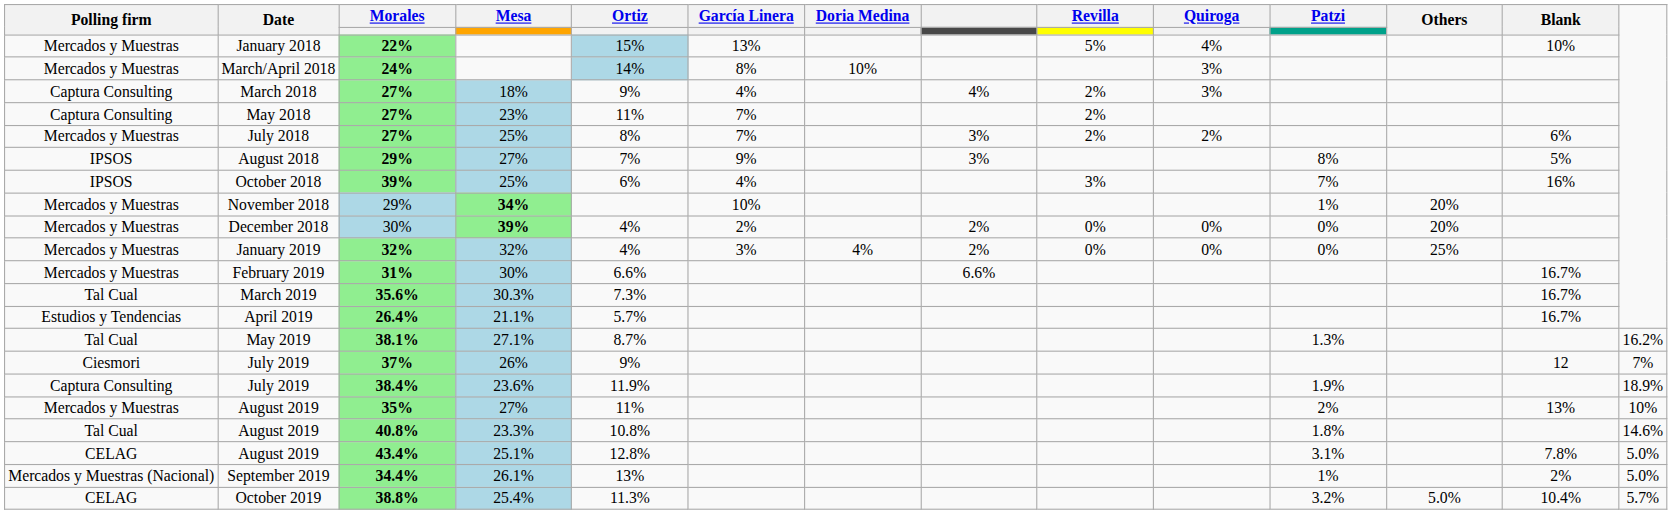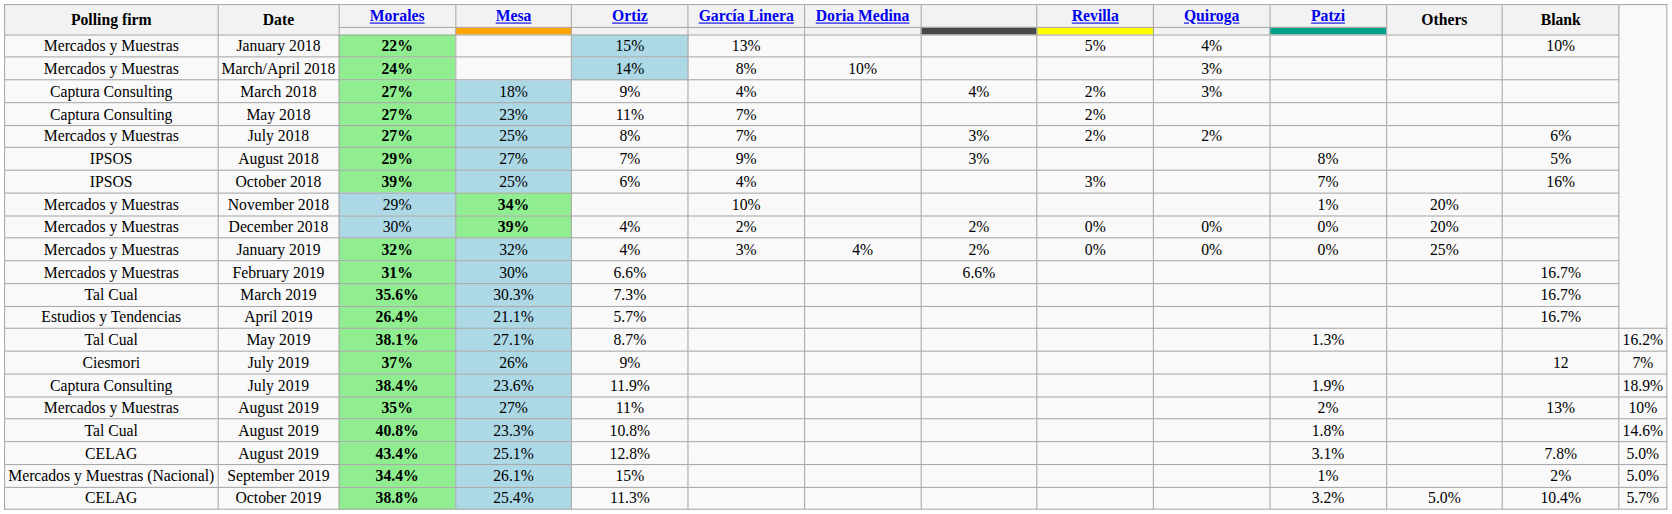 <table class="wikitable" style="text-align:center;font-size:90%;line-height:14px;">
 <tr>
 <th rowspan="2">Polling firm</th>
 <th rowspan="2">Date</th>
 <th style="width:100px"><a href='#'>Morales</a></th>
 <th style="width:100px"><a href='#'>Mesa</a></th>
 <th style="width:100px"><a href='#'>Ortiz</a></th>
 <th style="width:100px"><a href='#'>García Linera</a></th>
 <th style="width:100px"><a href='#'>Doria Medina</a></th>
 <th style="width:100px"></th>
 <th style="width:100px"><a href='#'>Revilla</a></th>
 <th style="width:100px"><a href='#'>Quiroga</a></th>
 <th style="width:100px"><a href='#'>Patzi</a></th>
 <th rowspan="2" style="width:100px">Others</th>
 <th rowspan="2" style="width:100px">Blank</th>
 </tr>
 <tr>
 <th style="background:"></th>
 <th style="background:orange;"></th>
 <th style="background:"></th>
 <th style="background:"></th>
 <th style="background:"></th>
 <th style="background:#484848"></th>
 <th style="background:Yellow"></th>
 <th style="background:"></th>
 <th style="background:#00A18A"></th>
 </tr>
 <tr>
 <td>Mercados y Muestras</td>
 <td>January 2018</td>
 <td style="background:lightgreen"><strong>22%</strong></td>
 <td></td>
 <td style="background:lightblue">15%</td>
 <td>13%</td>
 <td></td>
 <td></td>
 <td>5%</td>
 <td>4%</td>
 <td></td>
 <td></td>
 <td>10%</td>
 </tr>
 <tr>
 <td>Mercados y Muestras</td>
 <td>March/April 2018</td>
 <td style="background:lightgreen"><strong>24%</strong></td>
 <td></td>
 <td style="background:lightblue">14%</td>
 <td>8%</td>
 <td>10%</td>
 <td></td>
 <td></td>
 <td>3%</td>
 <td></td>
 <td></td>
 <td></td>
 </tr>
 <tr>
 <td>Captura Consulting</td>
 <td>March 2018</td>
 <td style="background:lightgreen"><strong>27%</strong></td>
 <td style="background:lightblue">18%</td>
 <td>9%</td>
 <td>4%</td>
 <td></td>
 <td>4%</td>
 <td>2%</td>
 <td>3%</td>
 <td></td>
 <td></td>
 <td></td>
 </tr>
 <tr>
 <td>Captura Consulting</td>
 <td>May 2018</td>
 <td style="background:lightgreen"><strong>27%</strong></td>
 <td style="background:lightblue">23%</td>
 <td>11%</td>
 <td>7%</td>
 <td></td>
 <td></td>
 <td>2%</td>
 <td></td>
 <td></td>
 <td></td>
 <td></td>
 </tr>
 <tr>
 <td>Mercados y Muestras</td>
 <td>July 2018</td>
 <td style="background:lightgreen"><strong>27%</strong></td>
 <td style="background:lightblue">25%</td>
 <td>8%</td>
 <td>7%</td>
 <td></td>
 <td>3%</td>
 <td>2%</td>
 <td>2%</td>
 <td></td>
 <td></td>
 <td>6%</td>
 </tr>
 <tr>
 <td>IPSOS</td>
 <td>August 2018</td>
 <td style="background:lightgreen"><strong>29%</strong></td>
 <td style="background:lightblue">27%</td>
 <td>7%</td>
 <td>9%</td>
 <td></td>
 <td>3%</td>
 <td></td>
 <td></td>
 <td>8%</td>
 <td></td>
 <td>5%</td>
 </tr>
 <tr>
 <td>IPSOS</td>
 <td>October 2018</td>
 <td style="background:lightgreen"><strong>39%</strong></td>
 <td style="background:lightblue">25%</td>
 <td>6%</td>
 <td>4%</td>
 <td></td>
 <td></td>
 <td>3%</td>
 <td></td>
 <td>7%</td>
 <td></td>
 <td>16%</td>
 </tr>
 <tr>
 <td>Mercados y Muestras</td>
 <td>November 2018</td>
 <td style="background:lightblue">29%</td>
 <td style="background:lightgreen"><strong>34%</strong></td>
 <td></td>
 <td>10%</td>
 <td></td>
 <td></td>
 <td></td>
 <td></td>
 <td>1%</td>
 <td>20%</td>
 <td></td>
 </tr>
 <tr>
 <td>Mercados y Muestras</td>
 <td>December 2018</td>
 <td style="background:lightblue">30%</td>
 <td style="background:lightgreen"><strong>39%</strong></td>
 <td>4%</td>
 <td>2%</td>
 <td></td>
 <td>2%</td>
 <td>0%</td>
 <td>0%</td>
 <td>0%</td>
 <td>20%</td>
 <td></td>
 </tr>
 <tr>
 <td>Mercados y Muestras</td>
 <td>January 2019</td>
 <td style="background:lightgreen"><strong>32%</strong></td>
 <td style="background:lightblue">32%</td>
 <td>4%</td>
 <td>3%</td>
 <td>4%</td>
 <td>2%</td>
 <td>0%</td>
 <td>0%</td>
 <td>0%</td>
 <td>25%</td>
 <td></td>
 </tr>
 <tr>
 <td>Mercados y Muestras</td>
 <td>February 2019</td>
 <td style="background:lightgreen"><strong>31%</strong></td>
 <td style="background:lightblue">30%</td>
 <td>6.6%</td>
 <td></td>
 <td></td>
 <td>6.6%</td>
 <td></td>
 <td></td>
 <td></td>
 <td></td>
 <td>16.7%</td>
 </tr>
 <tr>
 <td>Tal Cual</td>
 <td>March 2019</td>
 <td style="background:lightgreen"><strong>35.6%</strong></td>
 <td style="background:lightblue">30.3%</td>
 <td>7.3%</td>
 <td></td>
 <td></td>
 <td></td>
 <td></td>
 <td></td>
 <td></td>
 <td></td>
 <td>16.7%</td>
 </tr>
 <tr>
 <td>Estudios y Tendencias</td>
 <td>April 2019</td>
 <td style="background:lightgreen"><strong>26.4%</strong></td>
 <td style="background:lightblue">21.1%</td>
 <td>5.7%</td>
 <td></td>
 <td></td>
 <td></td>
 <td></td>
 <td></td>
 <td></td>
 <td></td>
 <td>16.7%</td>
 </tr>
 <tr>
 <td>Tal Cual</td>
 <td>May 2019</td>
 <td style="background:lightgreen"><strong>38.1%</strong></td>
 <td style="background:lightblue">27.1%</td>
 <td>8.7%</td>
 <td></td>
 <td></td>
 <td></td>
 <td></td>
 <td></td>
 <td>1.3%</td>
 <td></td>
 <td></td>
 <td>16.2%</td>
 </tr>
 <tr>
 <td>Ciesmori</td>
 <td>July 2019</td>
 <td style="background:lightgreen"><strong>37%</strong></td>
 <td style="background:lightblue">26%</td>
 <td>9%</td>
 <td></td>
 <td></td>
 <td></td>
 <td></td>
 <td></td>
 <td></td>
 <td></td>
 <td>12</td>
 <td>7%</td>
 </tr>
 <tr>
 <td>Captura Consulting</td>
 <td>July 2019</td>
 <td style="background:lightgreen"><strong>38.4%</strong></td>
 <td style="background:lightblue">23.6%</td>
 <td>11.9%</td>
 <td></td>
 <td></td>
 <td></td>
 <td></td>
 <td></td>
 <td>1.9%</td>
 <td></td>
 <td></td>
 <td>18.9%</td>
 </tr>
 <tr>
 <td>Mercados y Muestras</td>
 <td>August 2019</td>
 <td style="background:lightgreen"><strong>35%</strong></td>
 <td style="background:lightblue">27%</td>
 <td>11%</td>
 <td></td>
 <td></td>
 <td></td>
 <td></td>
 <td></td>
 <td>2%</td>
 <td></td>
 <td>13%</td>
 <td>10%</td>
 </tr>
 <tr>
 <td>Tal Cual</td>
 <td>August 2019</td>
 <td style="background:lightgreen"><strong>40.8%</strong></td>
 <td style="background:lightblue">23.3%</td>
 <td>10.8%</td>
 <td></td>
 <td></td>
 <td></td>
 <td></td>
 <td></td>
 <td>1.8%</td>
 <td></td>
 <td></td>
 <td>14.6%</td>
 </tr>
 <tr>
 <td>CELAG</td>
 <td>August 2019</td>
 <td style="background:lightgreen"><strong>43.4%</strong></td>
 <td style="background:lightblue">25.1%</td>
 <td>12.8%</td>
 <td></td>
 <td></td>
 <td></td>
 <td></td>
 <td></td>
 <td>3.1%</td>
 <td></td>
 <td>7.8%</td>
 <td>5.0%</td>
 </tr>
 <tr>
 <td>Mercados y Muestras (Nacional)</td>
 <td>September 2019</td>
 <td style="background:lightgreen"><strong>34.4%</strong></td>
 <td style="background:lightblue">26.1%</td>
-<td>13%</td>
+<td>15%</td>
 <td></td>
 <td></td>
 <td></td>
 <td></td>
 <td></td>
 <td>1%</td>
 <td></td>
 <td>2%</td>
 <td>5.0%</td>
 </tr>
 <tr>
 <td>CELAG</td>
 <td>October 2019</td>
 <td style="background:lightgreen"><strong>38.8%</strong></td>
 <td style="background:lightblue">25.4%</td>
 <td>11.3%</td>
 <td></td>
 <td></td>
 <td></td>
 <td></td>
 <td></td>
 <td>3.2%</td>
 <td>5.0%</td>
 <td>10.4%</td>
 <td>5.7%</td>
 </tr>
 </table>
